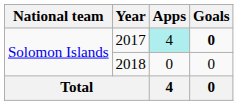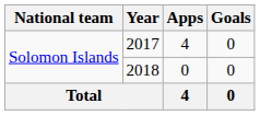 <table class="wikitable" style="text-align:center">
 <tr>
 <th>National team</th>
 <th>Year</th>
 <th>Apps</th>
 <th>Goals</th>
 </tr>
 <tr>
 <td rowspan="2"><a href='#'>Solomon Islands</a></td>
 <td>2017</td>
-<td style="background: paleturquoise;">4</td>
-<td><strong>0</strong></td>
+<td>4</td>
+<td>0</td>
 </tr>
 <tr>
 <td>2018</td>
 <td>0</td>
 <td>0</td>
 </tr>
 <tr>
 <th colspan=2>Total</th>
 <th>4</th>
 <th>0</th>
 </tr>
 </table>
